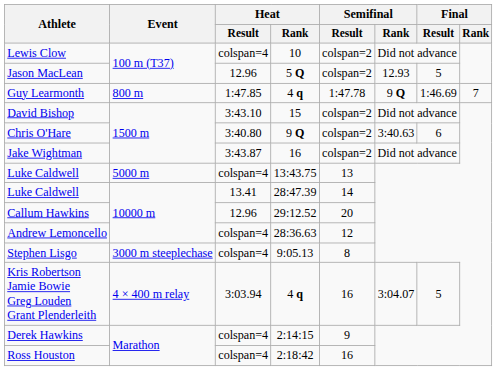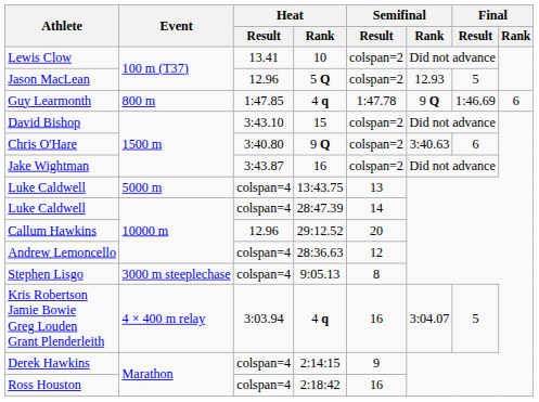 <table class="wikitable" style="font-size:90%">
 <tr>
 <th rowspan=2>Athlete</th>
 <th rowspan=2>Event</th>
 <th colspan=2>Heat</th>
 <th colspan=2>Semifinal</th>
 <th colspan=2>Final</th>
 </tr>
 <tr style="font-size:95%">
 <th>Result</th>
 <th>Rank</th>
 <th>Result</th>
 <th>Rank</th>
 <th>Result</th>
 <th>Rank</th>
 </tr>
 <tr align=center>
 <td align=left><a href='#'>Lewis Clow</a></td>
 <td align=left rowspan=2><a href='#'>100 m (T37)</a></td>
-<td>colspan=4 </td>
+<td>13.41</td>
 <td>10</td>
 <td>colspan=2 </td>
 <td colspan=2>Did not advance</td>
 </tr>
 <tr align=center>
 <td align=left><a href='#'>Jason MacLean</a></td>
 <td>12.96</td>
 <td>5 <strong>Q</strong></td>
 <td>colspan=2 </td>
 <td>12.93</td>
 <td>5</td>
 </tr>
 <tr align=center>
 <td align=left><a href='#'>Guy Learmonth</a></td>
 <td align=left><a href='#'>800 m</a></td>
 <td>1:47.85</td>
 <td>4 <strong>q</strong></td>
 <td>1:47.78</td>
 <td>9 <strong>Q</strong></td>
 <td>1:46.69</td>
-<td>7</td>
+<td>6</td>
 </tr>
 <tr align=center>
 <td align=left><a href='#'>David Bishop</a></td>
 <td align=left rowspan=3><a href='#'>1500 m</a></td>
 <td>3:43.10</td>
 <td>15</td>
 <td>colspan=2 </td>
 <td colspan=2>Did not advance</td>
 </tr>
 <tr align=center>
 <td align=left><a href='#'>Chris O'Hare</a></td>
 <td>3:40.80</td>
 <td>9 <strong>Q</strong></td>
 <td>colspan=2 </td>
 <td>3:40.63</td>
 <td>6</td>
 </tr>
 <tr align=center>
 <td align=left><a href='#'>Jake Wightman</a></td>
 <td>3:43.87</td>
 <td>16</td>
 <td>colspan=2 </td>
 <td colspan=2>Did not advance</td>
 </tr>
 <tr align=center>
 <td align=left><a href='#'>Luke Caldwell</a></td>
 <td align=left><a href='#'>5000 m</a></td>
 <td>colspan=4 </td>
 <td>13:43.75</td>
 <td>13</td>
 </tr>
 <tr align=center>
 <td align=left><a href='#'>Luke Caldwell</a></td>
 <td align=left rowspan=3><a href='#'>10000 m</a></td>
-<td>13.41</td>
+<td>colspan=4 </td>
 <td>28:47.39</td>
 <td>14</td>
 </tr>
 <tr align=center>
 <td align=left><a href='#'>Callum Hawkins</a></td>
 <td>12.96</td>
 <td>29:12.52</td>
 <td>20</td>
 </tr>
 <tr align=center>
 <td align=left><a href='#'>Andrew Lemoncello</a></td>
 <td>colspan=4 </td>
 <td>28:36.63</td>
 <td>12</td>
 </tr>
 <tr align=center>
 <td align=left><a href='#'>Stephen Lisgo</a></td>
 <td align=left><a href='#'>3000 m steeplechase</a></td>
 <td>colspan=4 </td>
 <td>9:05.13</td>
 <td>8</td>
 </tr>
 <tr align=center>
 <td align=left><a href='#'>Kris Robertson</a><br><a href='#'>Jamie Bowie</a><br><a href='#'>Greg Louden</a><br><a href='#'>Grant Plenderleith</a></td>
 <td align=left><a href='#'>4 × 400 m relay</a></td>
 <td>3:03.94</td>
 <td>4 <strong>q</strong></td>
 <td>16</td>
 <td>3:04.07</td>
 <td>5</td>
 </tr>
 <tr align=center>
 <td align=left><a href='#'>Derek Hawkins</a></td>
 <td align=left rowspan=2><a href='#'>Marathon</a></td>
 <td>colspan=4 </td>
 <td>2:14:15</td>
 <td>9</td>
 </tr>
 <tr align=center>
 <td align=left><a href='#'>Ross Houston</a></td>
 <td>colspan=4 </td>
 <td>2:18:42</td>
 <td>16</td>
 </tr>
 </table>
